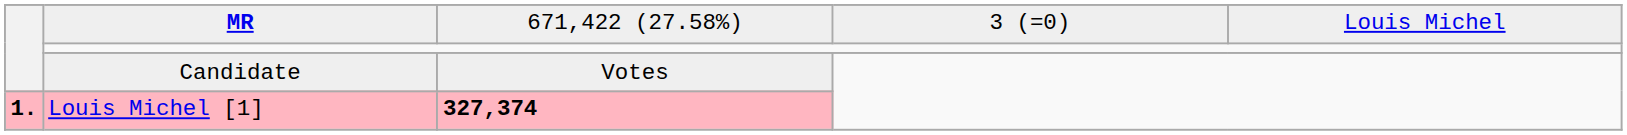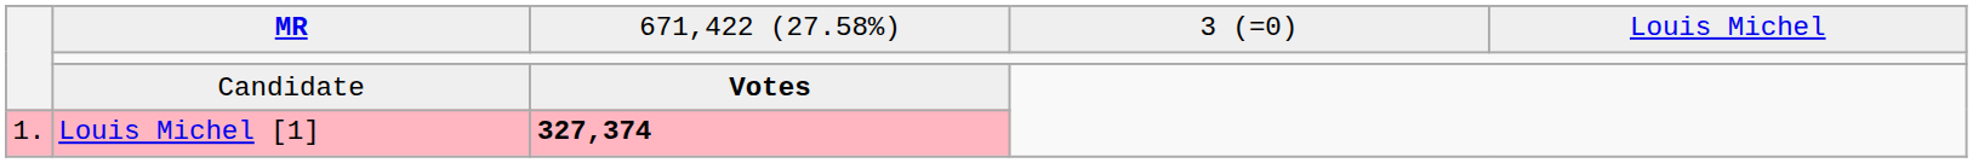 <table class="wikitable collapsible collapsed" style=text-align:left;font-size:90%>
 <tr>
 <th rowspan=3></th>
 <td bgcolor=efefef width=200 align=center><strong> <a href='#'>MR</a></strong></td>
 <td bgcolor=efefef width=200 align=center>671,422 (27.58%)</td>
 <td bgcolor=efefef width=200 align=center>3 (=0)</td>
 <td bgcolor=efefef width=200 align=center><a href='#'>Louis Michel</a></td>
 </tr>
 <tr>
 <td colspan=4 bgcolor=></td>
 </tr>
 <tr>
 <td bgcolor=efefef align=center>Candidate</td>
-<td bgcolor=efefef align=center>Votes</td>
+<td bgcolor=efefef align=center><strong>Votes</strong></td>
 </tr>
 <tr bgcolor=lightpink>
-<td><strong>1.</strong></td>
+<td>1.</td>
 <td><a href='#'>Louis Michel</a> [1]</td>
 <td><strong>327,374</strong></td>
 </tr>
 </table>
